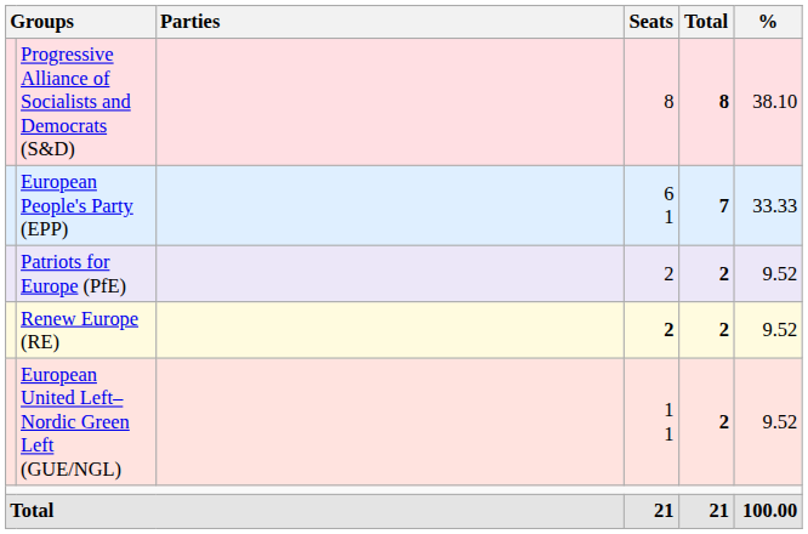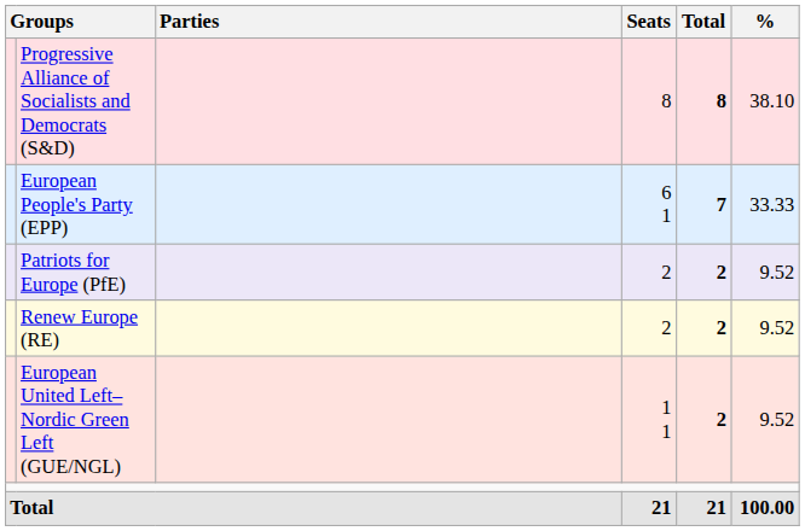 <table class="wikitable" style="text-align:right; font-size:95%; margin-bottom:0">
 <tr>
 <th style="text-align:left;" colspan="2" width="375">Groups</th>
 <th style="text-align:left;" width="350">Parties</th>
 <th width="35">Seats</th>
 <th width="35">Total</th>
 <th width="45">%</th>
 </tr>
 <tr style="background:#FFDFE3;">
 <td style="color:inherit;background:"></td>
 <td align="left"><a href='#'>Progressive Alliance of Socialists and Democrats</a> (S&D)</td>
 <td align="left"></td>
 <td>8</td>
 <td><strong>8</strong></td>
 <td>38.10</td>
 </tr>
 <tr style="background:#DFEFFF;">
 <td width="1" style="color:inherit;background:"></td>
 <td align="left"><a href='#'>European People's Party</a> (EPP)</td>
 <td align="left"></td>
 <td>6<br>1</td>
 <td><strong>7</strong></td>
 <td>33.33</td>
 </tr>
 <tr style="background:#ECE7F8;">
 <td style="color:inherit;background:"></td>
 <td align="left"><a href='#'>Patriots for Europe</a> (PfE)</td>
 <td align="left"></td>
 <td>2</td>
 <td><strong>2</strong></td>
 <td>9.52</td>
 </tr>
 <tr style="background:#FFFBDF;">
 <td style="color:inherit;background:"></td>
 <td align="left"><a href='#'>Renew Europe</a> (RE)</td>
 <td align="left"></td>
-<td><strong>2</strong></td>
+<td>2</td>
 <td><strong>2</strong></td>
 <td>9.52</td>
 </tr>
 <tr style="background:#FFE3DF;">
 <td style="color:inherit;background:"></td>
 <td align="left"><a href='#'>European United Left–Nordic Green Left</a> (GUE/NGL)</td>
 <td align="left"></td>
 <td>1<br>1</td>
 <td><strong>2</strong></td>
 <td>9.52</td>
 </tr>
 <tr>
 <td colspan="6"></td>
 </tr>
 <tr style="background:#E4E4E4; font-weight:bold;">
 <td align="left" colspan="3">Total</td>
 <td>21</td>
 <td>21</td>
 <td>100.00</td>
 </tr>
 </table>
